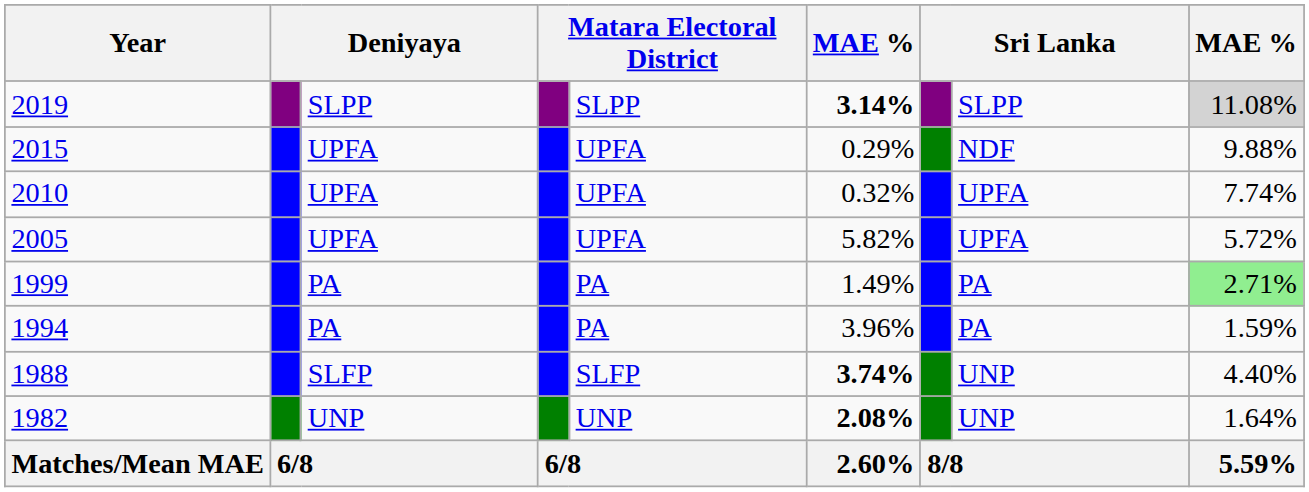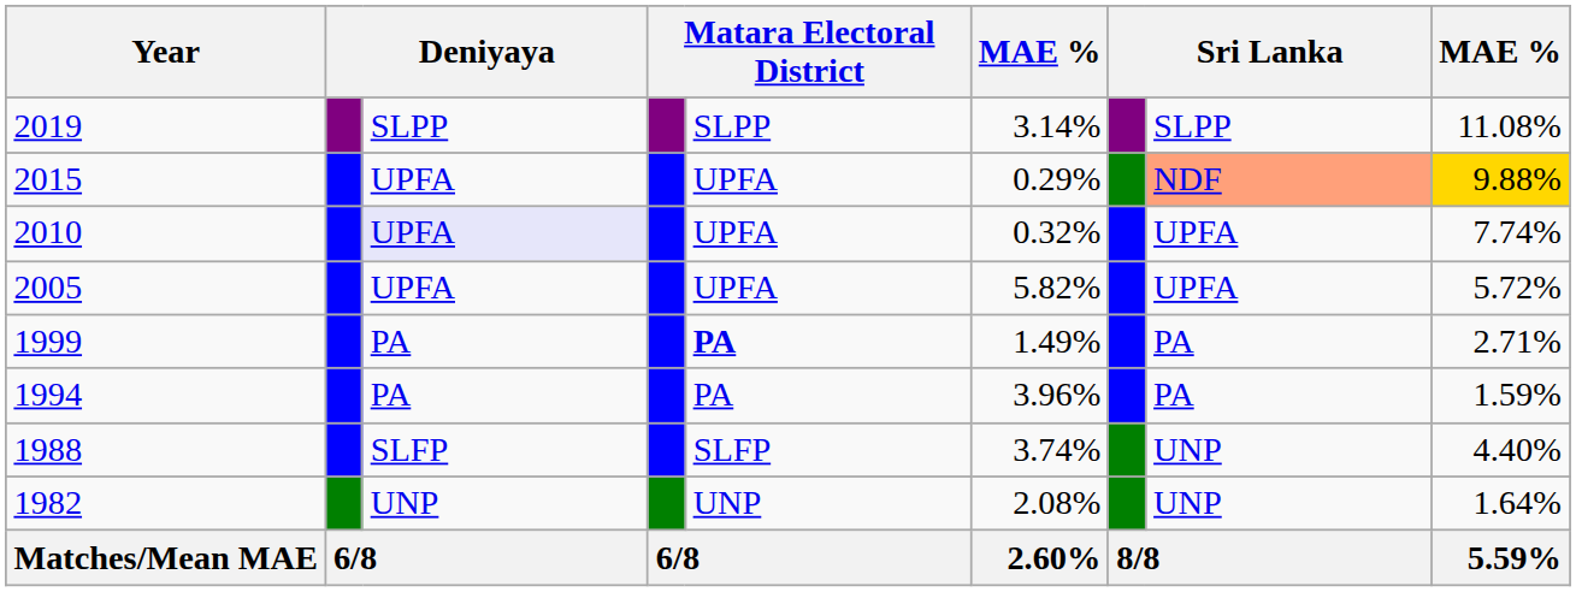 <table class="wikitable">
 <tr>
 <th>Year</th>
 <th colspan="2" width="144px">Deniyaya</th>
 <th colspan="2" width="144px"><a href='#'>Matara Electoral District</a></th>
 <th><a href='#'>MAE</a> %</th>
 <th colspan="2" width="144px">Sri Lanka</th>
 <th>MAE %</th>
 </tr>
 <tr>
 <td><a href='#'>2019</a></td>
 <td style="background-color:purple;" width="10px"></td>
 <td style="text-align:left;"><a href='#'>SLPP</a></td>
 <td style="background-color:purple;" width="10px"></td>
 <td style="text-align:left;"><a href='#'>SLPP</a></td>
-<td style="text-align:right;"><strong>3.14%</strong></td>
+<td style="text-align:right;">3.14%</td>
 <td style="background-color:purple;" width="10px"></td>
 <td style="text-align:left;"><a href='#'>SLPP</a></td>
-<td style="background: lightgrey; text-align:right;">11.08%</td>
+<td style="text-align:right;">11.08%</td>
 </tr>
 <tr>
 <td><a href='#'>2015</a></td>
 <td style="background-color:blue;" width="10px"></td>
 <td style="text-align:left;"><a href='#'>UPFA</a></td>
 <td style="background-color:blue;" width="10px"></td>
 <td style="text-align:left;"><a href='#'>UPFA</a></td>
 <td style="text-align:right;">0.29%</td>
 <td style="background-color:green;" width="10px"></td>
-<td style="text-align:left;"><a href='#'>NDF</a></td>
-<td style="text-align:right;">9.88%</td>
+<td style="background: lightsalmon; text-align:left;"><a href='#'>NDF</a></td>
+<td style="background: gold; text-align:right;">9.88%</td>
 </tr>
 <tr>
 <td><a href='#'>2010</a></td>
 <td style="background-color:blue;" width="10px"></td>
-<td style="text-align:left;"><a href='#'>UPFA</a></td>
+<td style="background: lavender; text-align:left;"><a href='#'>UPFA</a></td>
 <td style="background-color:blue;" width="10px"></td>
 <td style="text-align:left;"><a href='#'>UPFA</a></td>
 <td style="text-align:right;">0.32%</td>
 <td style="background-color:blue;" width="10px"></td>
 <td style="text-align:left;"><a href='#'>UPFA</a></td>
 <td style="text-align:right;">7.74%</td>
 </tr>
 <tr>
 <td><a href='#'>2005</a></td>
 <td style="background-color:blue;" width="10px"></td>
 <td style="text-align:left;"><a href='#'>UPFA</a></td>
 <td style="background-color:blue;" width="10px"></td>
 <td style="text-align:left;"><a href='#'>UPFA</a></td>
 <td style="text-align:right;">5.82%</td>
 <td style="background-color:blue;" width="10px"></td>
 <td style="text-align:left;"><a href='#'>UPFA</a></td>
 <td style="text-align:right;">5.72%</td>
 </tr>
 <tr>
 <td><a href='#'>1999</a></td>
 <td style="background-color:blue;" width="10px"></td>
 <td style="text-align:left;"><a href='#'>PA</a></td>
 <td style="background-color:blue;" width="10px"></td>
-<td style="text-align:left;"><a href='#'>PA</a></td>
+<td style="text-align:left;"><strong><a href='#'>PA</a></strong></td>
 <td style="text-align:right;">1.49%</td>
 <td style="background-color:blue;" width="10px"></td>
 <td style="text-align:left;"><a href='#'>PA</a></td>
-<td style="background: lightgreen; text-align:right;">2.71%</td>
+<td style="text-align:right;">2.71%</td>
 </tr>
 <tr>
 <td><a href='#'>1994</a></td>
 <td style="background-color:blue;" width="10px"></td>
 <td style="text-align:left;"><a href='#'>PA</a></td>
 <td style="background-color:blue;" width="10px"></td>
 <td style="text-align:left;"><a href='#'>PA</a></td>
 <td style="text-align:right;">3.96%</td>
 <td style="background-color:blue;" width="10px"></td>
 <td style="text-align:left;"><a href='#'>PA</a></td>
 <td style="text-align:right;">1.59%</td>
 </tr>
 <tr>
 <td><a href='#'>1988</a></td>
 <td style="background-color:blue;" width="10px"></td>
 <td style="text-align:left;"><a href='#'>SLFP</a></td>
 <td style="background-color:blue;" width="10px"></td>
 <td style="text-align:left;"><a href='#'>SLFP</a></td>
-<td style="text-align:right;"><strong>3.74%</strong></td>
+<td style="text-align:right;">3.74%</td>
 <td style="background-color:green;" width="10px"></td>
 <td style="text-align:left;"><a href='#'>UNP</a></td>
 <td style="text-align:right;">4.40%</td>
 </tr>
 <tr>
 <td><a href='#'>1982</a></td>
 <td style="background-color:green;" width="10px"></td>
 <td style="text-align:left;"><a href='#'>UNP</a></td>
 <td style="background-color:green;" width="10px"></td>
 <td style="text-align:left;"><a href='#'>UNP</a></td>
-<td style="text-align:right;"><strong>2.08%</strong></td>
+<td style="text-align:right;">2.08%</td>
 <td style="background-color:green;" width="10px"></td>
 <td style="text-align:left;"><a href='#'>UNP</a></td>
 <td style="text-align:right;">1.64%</td>
 </tr>
 <tr>
 <th>Matches/Mean MAE</th>
 <th style="text-align:left;"colspan="2" width="144px">6/8</th>
 <th style="text-align:left;"colspan="2" width="144px">6/8</th>
 <th style="text-align:right;">2.60%</th>
 <th style="text-align:left;"colspan="2" width="144px">8/8</th>
 <th style="text-align:right;">5.59%</th>
 </tr>
 </table>
